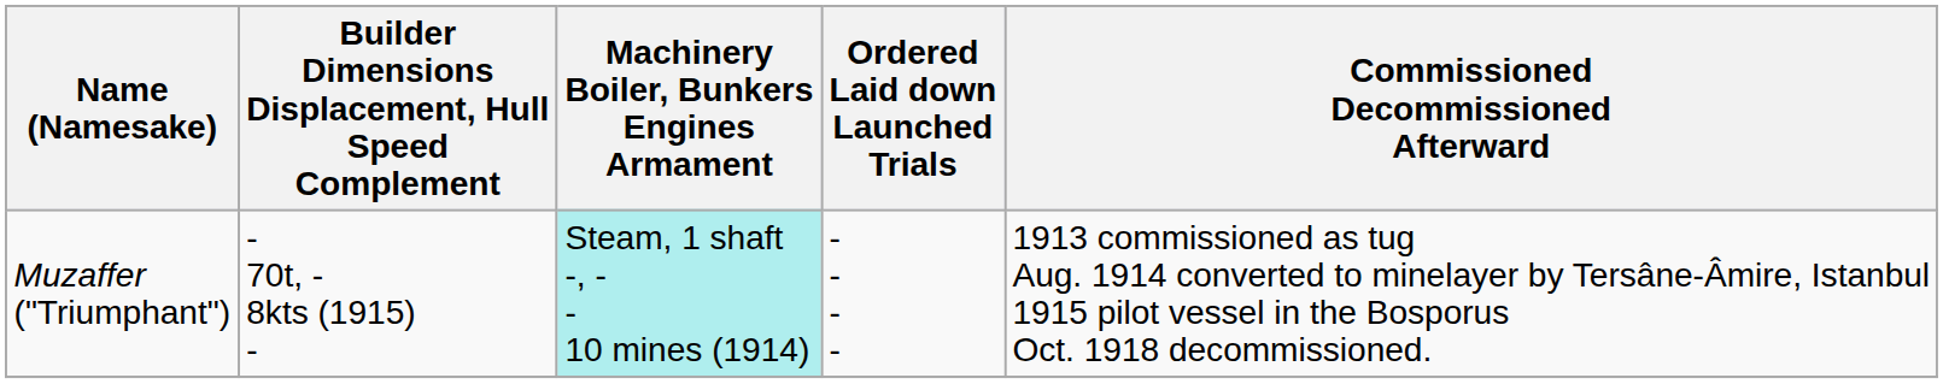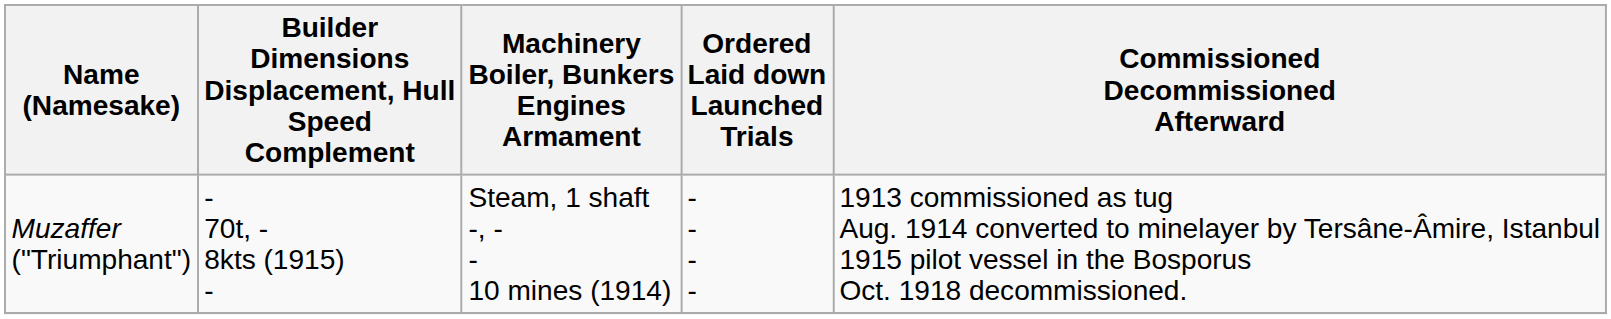 <table class="wikitable" style="font-size:90%;">
 <tr bgcolor="#e6e9ff">
 <th>Name<br>(Namesake)</th>
 <th>Builder<br>Dimensions<br>Displacement, Hull<br>Speed<br>Complement</th>
 <th>Machinery<br>Boiler, Bunkers<br>Engines<br>Armament</th>
 <th>Ordered<br>Laid down<br>Launched<br>Trials</th>
 <th>Commissioned<br>Decommissioned<br>Afterward</th>
 </tr>
 <tr ---->
 <td><em>Muzaffer</em><br>("Triumphant")</td>
 <td>-<br>70t, -<br>8kts (1915)<br>-</td>
-<td style="background: paleturquoise;">Steam, 1 shaft<br>-, -<br>-<br>10 mines (1914)</td>
+<td>Steam, 1 shaft<br>-, -<br>-<br>10 mines (1914)</td>
 <td>-<br>-<br>-<br>-</td>
 <td>1913 commissioned as tug<br>Aug. 1914 converted to minelayer by Tersâne-Âmire, Istanbul<br>1915 pilot vessel in the Bosporus<br>Oct. 1918 decommissioned.</td>
 </tr>
 <tr ---->
 </tr>
 </table>
